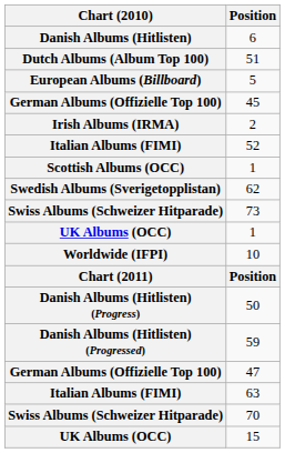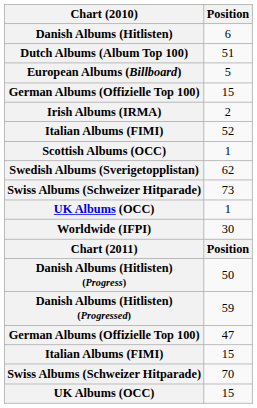 <table class="wikitable sortable plainrowheaders">
 <tr>
 <th>Chart (2010)</th>
 <th>Position</th>
 </tr>
 <tr>
 <th scope="row">Danish Albums (Hitlisten)</th>
 <td style="text-align:center;">6</td>
 </tr>
 <tr>
 <th scope="row">Dutch Albums (Album Top 100)</th>
 <td style="text-align:center;">51</td>
 </tr>
 <tr>
 <th scope="row">European Albums (<em>Billboard</em>)</th>
 <td style="text-align:center;">5</td>
 </tr>
 <tr>
 <th scope="row">German Albums (Offizielle Top 100)</th>
-<td align="center">45</td>
+<td align="center">15</td>
 </tr>
 <tr>
 <th scope="row">Irish Albums (IRMA)</th>
 <td align="center">2</td>
 </tr>
 <tr>
 <th scope="row">Italian Albums (FIMI)</th>
 <td style="text-align:center;">52</td>
 </tr>
 <tr>
 <th scope="row">Scottish Albums (OCC)</th>
 <td style="text-align:center;">1</td>
 </tr>
 <tr>
 <th scope="row">Swedish Albums (Sverigetopplistan)</th>
 <td align="center">62</td>
 </tr>
 <tr>
 <th scope="row">Swiss Albums (Schweizer Hitparade)</th>
 <td style="text-align:center;">73</td>
 </tr>
 <tr>
 <th scope="row"><a href='#'>UK Albums</a> (OCC)</th>
 <td style="text-align:center;">1</td>
 </tr>
 <tr>
 <th scope="row">Worldwide (IFPI)</th>
-<td align="center">10</td>
+<td align="center">30</td>
 </tr>
 <tr>
 <th>Chart (2011)</th>
 <th>Position</th>
 </tr>
 <tr>
 <th scope="row">Danish Albums (Hitlisten)<br><small>(<em>Progress</em>)</small></th>
 <td align="center">50</td>
 </tr>
 <tr>
 <th scope="row">Danish Albums (Hitlisten)<br><small>(<em>Progressed</em>)</small></th>
 <td align="center">59</td>
 </tr>
 <tr>
 <th scope="row">German Albums (Offizielle Top 100)</th>
 <td style="text-align:center;">47</td>
 </tr>
 <tr>
 <th scope="row">Italian Albums (FIMI)</th>
-<td style="text-align:center;">63</td>
+<td style="text-align:center;">15</td>
 </tr>
 <tr>
 <th scope="row">Swiss Albums (Schweizer Hitparade)</th>
 <td style="text-align:center;">70</td>
 </tr>
 <tr>
 <th scope="row">UK Albums (OCC)</th>
 <td align="center">15</td>
 </tr>
 </table>
